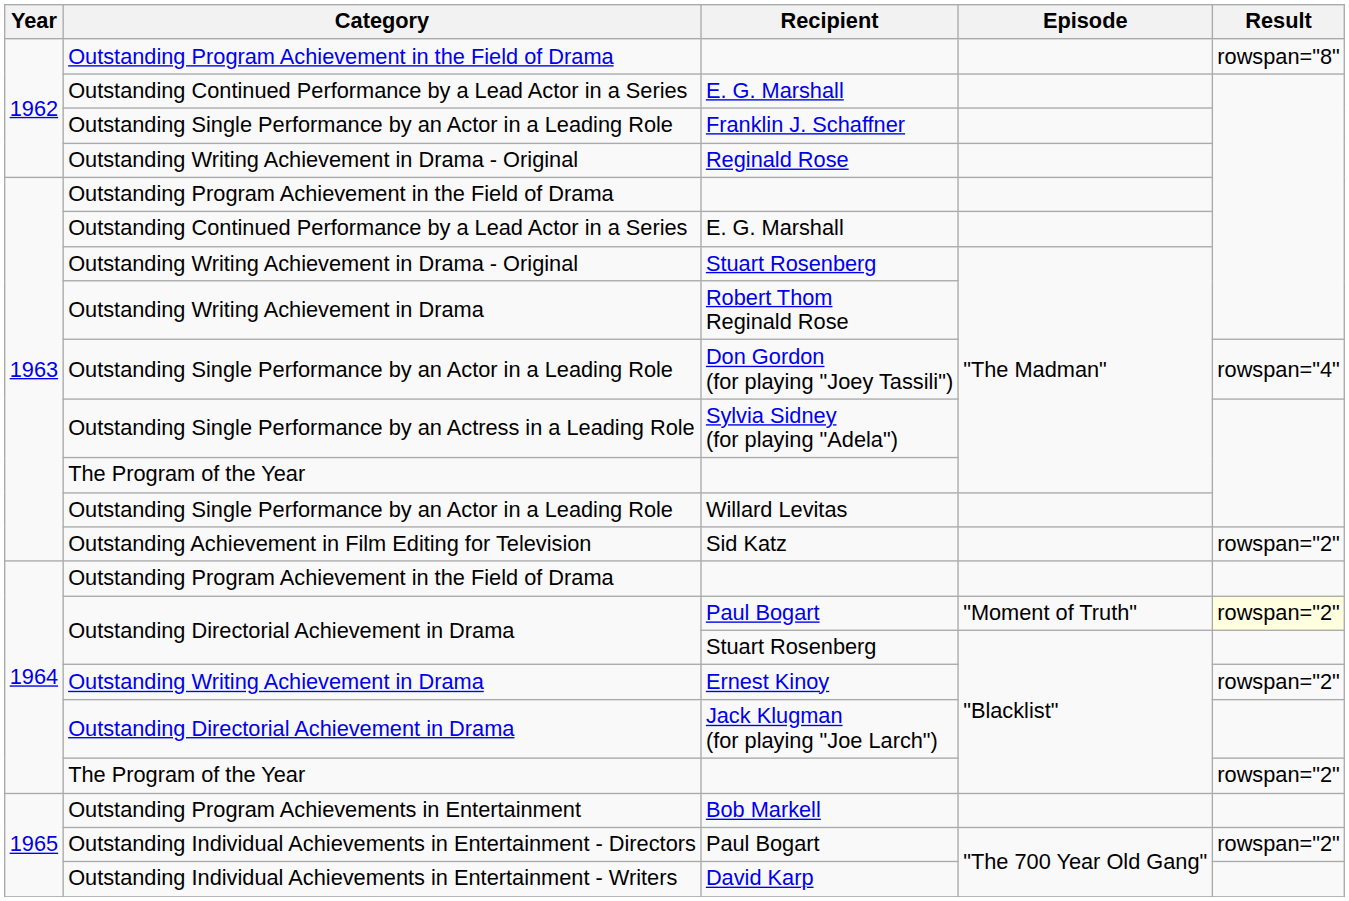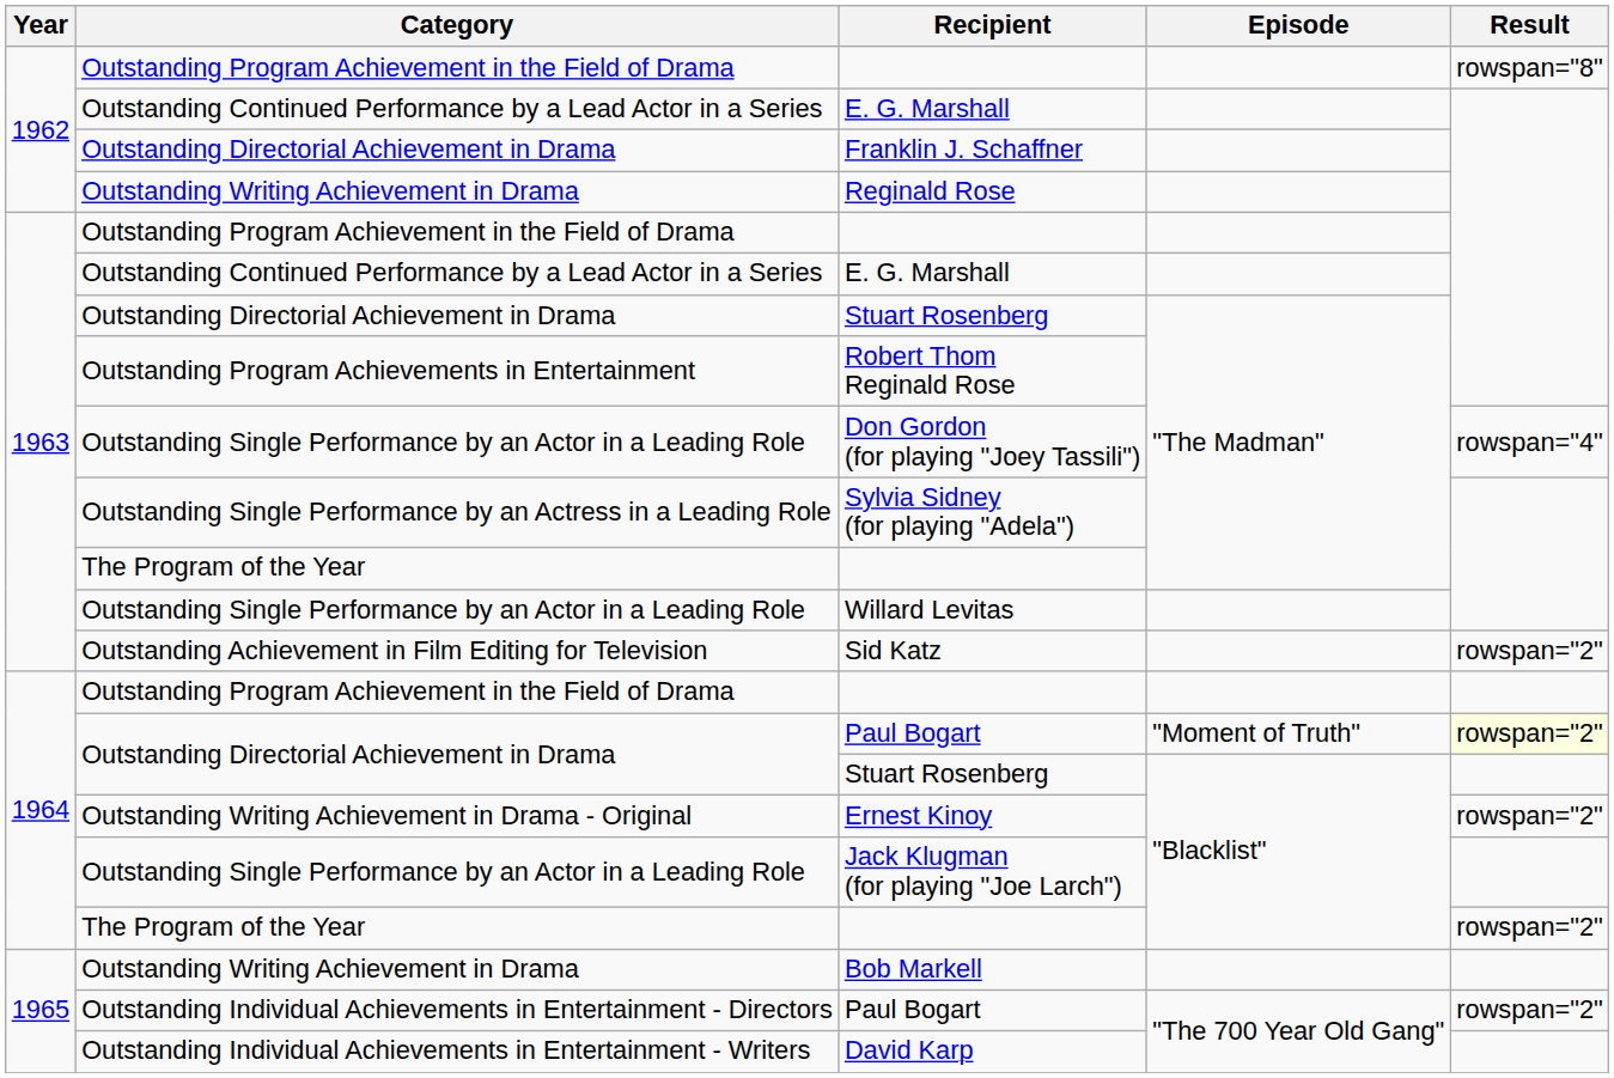 <table class="wikitable">
 <tr>
 <th>Year</th>
 <th>Category</th>
 <th>Recipient</th>
 <th>Episode</th>
 <th>Result</th>
 </tr>
 <tr style=text-align:"center">
 <td rowspan="4"><a href='#'>1962</a></td>
 <td><a href='#'>Outstanding Program Achievement in the Field of Drama</a></td>
 <td></td>
 <td></td>
 <td>rowspan="8" </td>
 </tr>
 <tr>
 <td>Outstanding Continued Performance by a Lead Actor in a Series</td>
 <td><a href='#'>E. G. Marshall</a></td>
 <td></td>
 </tr>
 <tr>
-<td>Outstanding Single Performance by an Actor in a Leading Role</td>
+<td><a href='#'>Outstanding Directorial Achievement in Drama</a></td>
 <td><a href='#'>Franklin J. Schaffner</a></td>
 <td></td>
 </tr>
 <tr>
-<td>Outstanding Writing Achievement in Drama - Original</td>
+<td><a href='#'>Outstanding Writing Achievement in Drama</a></td>
 <td><a href='#'>Reginald Rose</a></td>
 <td></td>
 </tr>
 <tr style=text-align:"center">
 <td rowspan="9"><a href='#'>1963</a></td>
 <td>Outstanding Program Achievement in the Field of Drama</td>
 <td></td>
 <td></td>
 </tr>
 <tr>
 <td>Outstanding Continued Performance by a Lead Actor in a Series</td>
 <td>E. G. Marshall</td>
 <td></td>
 </tr>
 <tr>
-<td>Outstanding Writing Achievement in Drama - Original</td>
+<td>Outstanding Directorial Achievement in Drama</td>
 <td><a href='#'>Stuart Rosenberg</a></td>
 <td rowspan=5>"The Madman"</td>
 </tr>
 <tr>
-<td>Outstanding Writing Achievement in Drama</td>
+<td>Outstanding Program Achievements in Entertainment</td>
 <td><a href='#'>Robert Thom</a><br>Reginald Rose</td>
 </tr>
 <tr>
 <td>Outstanding Single Performance by an Actor in a Leading Role</td>
 <td><a href='#'>Don Gordon</a><br>(for playing "Joey Tassili")</td>
 <td>rowspan="4" </td>
 </tr>
 <tr>
 <td>Outstanding Single Performance by an Actress in a Leading Role</td>
 <td><a href='#'>Sylvia Sidney</a><br>(for playing "Adela")</td>
 </tr>
 <tr>
 <td>The Program of the Year</td>
 <td></td>
 </tr>
 <tr>
 <td>Outstanding Single Performance by an Actor in a Leading Role</td>
 <td>Willard Levitas</td>
 <td></td>
 </tr>
 <tr>
 <td>Outstanding Achievement in Film Editing for Television</td>
 <td>Sid Katz</td>
 <td></td>
 <td>rowspan="2" </td>
 </tr>
 <tr style=text-align:"center">
 <td rowspan="6"><a href='#'>1964</a></td>
 <td>Outstanding Program Achievement in the Field of Drama</td>
 <td></td>
 <td></td>
 </tr>
 <tr>
 <td rowspan="2">Outstanding Directorial Achievement in Drama</td>
 <td><a href='#'>Paul Bogart</a></td>
 <td>"Moment of Truth"</td>
 <td style="background: lightyellow;">rowspan="2" </td>
 </tr>
 <tr>
 <td>Stuart Rosenberg</td>
 <td rowspan=4>"Blacklist"</td>
 </tr>
 <tr>
-<td><a href='#'>Outstanding Writing Achievement in Drama</a></td>
+<td>Outstanding Writing Achievement in Drama - Original</td>
 <td><a href='#'>Ernest Kinoy</a></td>
 <td>rowspan="2" </td>
 </tr>
 <tr>
-<td><a href='#'>Outstanding Directorial Achievement in Drama</a></td>
+<td>Outstanding Single Performance by an Actor in a Leading Role</td>
 <td><a href='#'>Jack Klugman</a><br>(for playing "Joe Larch")</td>
 </tr>
 <tr>
 <td>The Program of the Year</td>
 <td></td>
 <td>rowspan="2" </td>
 </tr>
 <tr style=text-align:"center">
 <td rowspan="3"><a href='#'>1965</a></td>
-<td>Outstanding Program Achievements in Entertainment</td>
+<td>Outstanding Writing Achievement in Drama</td>
 <td><a href='#'>Bob Markell</a></td>
 <td></td>
 </tr>
 <tr>
 <td>Outstanding Individual Achievements in Entertainment - Directors</td>
 <td>Paul Bogart</td>
 <td rowspan=2>"The 700 Year Old Gang"</td>
 <td>rowspan="2" </td>
 </tr>
 <tr>
 <td>Outstanding Individual Achievements in Entertainment - Writers</td>
 <td><a href='#'>David Karp</a></td>
 </tr>
 </table>
